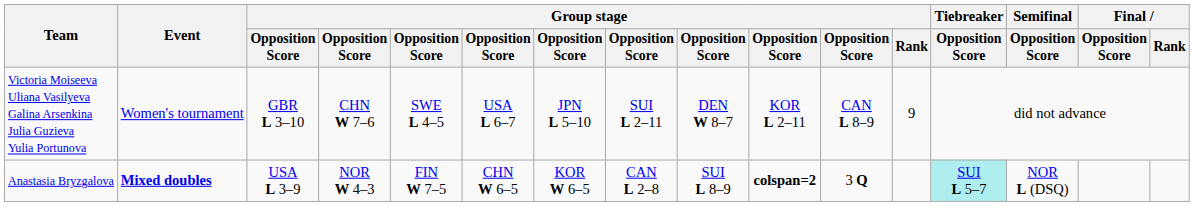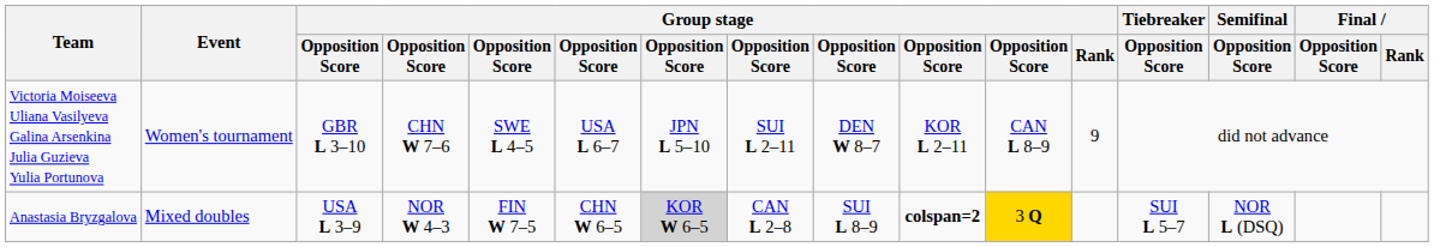 <table class="wikitable" style="font-size:90%">
 <tr>
 <th rowspan=2>Team</th>
 <th rowspan=2>Event</th>
 <th colspan=10>Group stage</th>
 <th>Tiebreaker</th>
 <th>Semifinal</th>
 <th colspan=2>Final / </th>
 </tr>
 <tr style="font-size:95%">
 <th>Opposition<br>Score</th>
 <th>Opposition<br>Score</th>
 <th>Opposition<br>Score</th>
 <th>Opposition<br>Score</th>
 <th>Opposition<br>Score</th>
 <th>Opposition<br>Score</th>
 <th>Opposition<br>Score</th>
 <th>Opposition<br>Score</th>
 <th>Opposition<br>Score</th>
 <th>Rank</th>
 <th>Opposition<br>Score</th>
 <th>Opposition<br>Score</th>
 <th>Opposition<br>Score</th>
 <th>Rank</th>
 </tr>
 <tr align=center>
 <td align=left><small><a href='#'>Victoria Moiseeva</a><br><a href='#'>Uliana Vasilyeva</a><br><a href='#'>Galina Arsenkina</a><br><a href='#'>Julia Guzieva</a><br><a href='#'>Yulia Portunova</a></small></td>
 <td align=left><a href='#'>Women's tournament</a></td>
 <td> <a href='#'>GBR</a><br><strong>L</strong> 3–10</td>
 <td> <a href='#'>CHN</a><br><strong>W</strong> 7–6</td>
 <td> <a href='#'>SWE</a><br><strong>L</strong> 4–5</td>
 <td> <a href='#'>USA</a><br> <strong>L</strong> 6–7</td>
 <td> <a href='#'>JPN</a><br><strong>L</strong> 5–10</td>
 <td> <a href='#'>SUI</a><br><strong>L</strong> 2–11</td>
 <td> <a href='#'>DEN</a><br> <strong>W</strong> 8–7</td>
 <td> <a href='#'>KOR</a><br> <strong>L</strong> 2–11</td>
 <td> <a href='#'>CAN</a><br> <strong>L</strong> 8–9</td>
 <td>9</td>
 <td colspan=4>did not advance</td>
 </tr>
 <tr align=center>
 <td align=left><small><a href='#'>Anastasia Bryzgalova</a><br></small></td>
-<td align=left><strong><a href='#'>Mixed doubles</a></strong></td>
+<td align=left><a href='#'>Mixed doubles</a></td>
 <td> <a href='#'>USA</a><br><strong>L</strong> 3–9</td>
 <td> <a href='#'>NOR</a><br><strong>W</strong> 4–3</td>
 <td> <a href='#'>FIN</a><br><strong>W</strong> 7–5</td>
 <td> <a href='#'>CHN</a><br><strong>W</strong> 6–5</td>
-<td> <a href='#'>KOR</a><br><strong>W</strong> 6–5</td>
+<td style="background: lightgrey;"> <a href='#'>KOR</a><br><strong>W</strong> 6–5</td>
 <td> <a href='#'>CAN</a><br> <strong>L</strong> 2–8</td>
 <td> <a href='#'>SUI</a><br> <strong>L</strong> 8–9</td>
 <td><strong>colspan=2 </strong></td>
-<td>3 <strong>Q</strong></td>
+<td style="background: gold;">3 <strong>Q</strong></td>
 <td></td>
-<td style="background: paleturquoise;"> <a href='#'>SUI</a><br> <strong>L</strong> 5–7</td>
+<td> <a href='#'>SUI</a><br> <strong>L</strong> 5–7</td>
 <td> <a href='#'>NOR</a><br> <strong>L</strong> (DSQ)</td>
 <td></td>
 </tr>
 </table>
